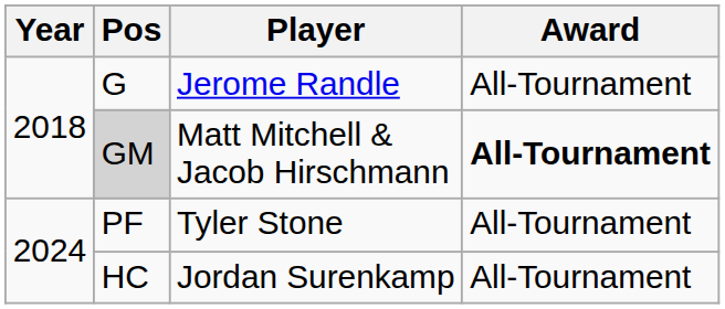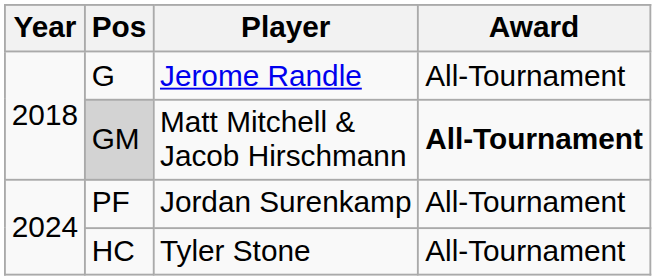 <table class="wikitable">
 <tr>
 <th>Year</th>
 <th>Pos</th>
 <th>Player</th>
 <th>Award</th>
 </tr>
 <tr>
 <td rowspan=2>2018</td>
 <td>G</td>
 <td><a href='#'>Jerome Randle</a></td>
 <td>All-Tournament</td>
 </tr>
 <tr>
 <td bgcolor=lightgray>GM</td>
 <td>Matt Mitchell &<br>Jacob Hirschmann</td>
 <td><strong>All-Tournament</strong></td>
 </tr>
 <tr>
 <td rowspan="2">2024</td>
 <td>PF</td>
-<td>Tyler Stone</td>
+<td>Jordan Surenkamp</td>
 <td>All-Tournament</td>
 </tr>
 <tr>
 <td>HC</td>
-<td>Jordan Surenkamp</td>
+<td>Tyler Stone</td>
 <td>All-Tournament</td>
 </tr>
 </table>
